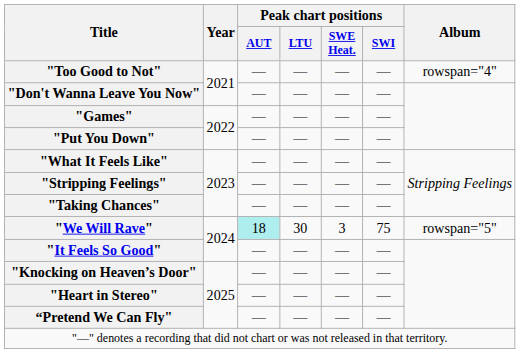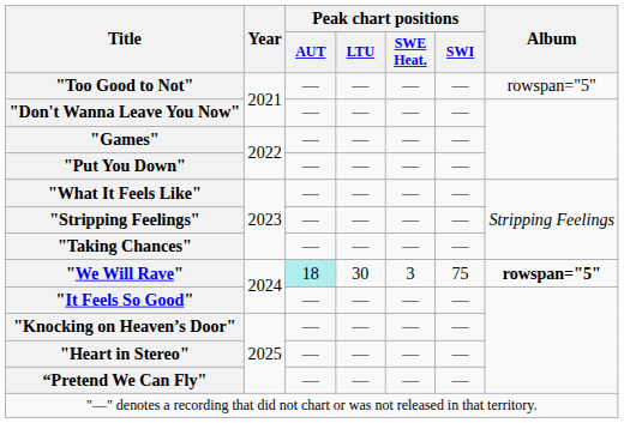 <table class="wikitable plainrowheaders" style="text-align:center;">
 <tr>
 <th scope="col" rowspan="2">Title</th>
 <th scope="col" rowspan="2">Year</th>
 <th scope="col" colspan="4">Peak chart positions</th>
 <th scope="col" rowspan="2">Album</th>
 </tr>
 <tr>
 <th scope="col" style="width:3em;font-size:85%;"><a href='#'>AUT</a><br></th>
 <th scope="col" style="width:3em;font-size:85%;"><a href='#'>LTU</a><br></th>
 <th scope="col" style="width:3em;font-size:85%;"><a href='#'>SWE<br>Heat.</a><br></th>
 <th scope="col" style="width:3em;font-size:85%;"><a href='#'>SWI</a><br></th>
 </tr>
 <tr>
 <th scope="row">"Too Good to Not"</th>
 <td rowspan="2">2021</td>
 <td>—</td>
 <td>—</td>
 <td>—</td>
 <td>—</td>
-<td>rowspan="4" </td>
+<td>rowspan="5" </td>
 </tr>
 <tr>
 <th scope="row">"Don't Wanna Leave You Now"</th>
 <td>—</td>
 <td>—</td>
 <td>—</td>
 <td>—</td>
 </tr>
 <tr>
 <th scope="row">"Games"</th>
 <td rowspan="2">2022</td>
 <td>—</td>
 <td>—</td>
 <td>—</td>
 <td>—</td>
 </tr>
 <tr>
 <th scope="row">"Put You Down"</th>
 <td>—</td>
 <td>—</td>
 <td>—</td>
 <td>—</td>
 </tr>
 <tr>
 <th scope="row">"What It Feels Like"</th>
 <td rowspan="3">2023</td>
 <td>—</td>
 <td>—</td>
 <td>—</td>
 <td>—</td>
 <td rowspan="3"><em>Stripping Feelings</em></td>
 </tr>
 <tr>
 <th scope="row">"Stripping Feelings"</th>
 <td>—</td>
 <td>—</td>
 <td>—</td>
 <td>—</td>
 </tr>
 <tr>
 <th scope="row">"Taking Chances"</th>
 <td>—</td>
 <td>—</td>
 <td>—</td>
 <td>—</td>
 </tr>
 <tr>
 <th scope="row">"<a href='#'>We Will Rave</a>"</th>
 <td rowspan="2">2024</td>
 <td style="background: paleturquoise;">18</td>
 <td>30</td>
 <td>3</td>
 <td>75</td>
-<td>rowspan="5" </td>
+<td><strong>rowspan="5" </strong></td>
 </tr>
 <tr>
 <th scope="row">"<a href='#'>It Feels So Good</a>"</th>
 <td>—</td>
 <td>—</td>
 <td>—</td>
 <td>—</td>
 </tr>
 <tr>
 <th scope="row">"Knocking on Heaven’s Door"</th>
 <td rowspan="3">2025</td>
 <td>—</td>
 <td>—</td>
 <td>—</td>
 <td>—</td>
 </tr>
 <tr>
 <th scope="row">"Heart in Stereo"</th>
 <td>—</td>
 <td>—</td>
 <td>—</td>
 <td>—</td>
 </tr>
 <tr>
 <th scope="row">“Pretend We Can Fly"</th>
 <td>—</td>
 <td>—</td>
 <td>—</td>
 <td>—</td>
 </tr>
 <tr>
 <td colspan="7" style="font-size:85%">"—" denotes a recording that did not chart or was not released in that territory.</td>
 </tr>
 </table>
